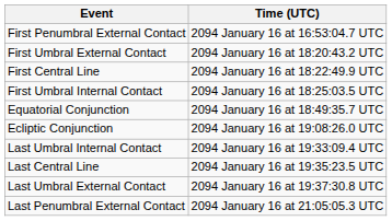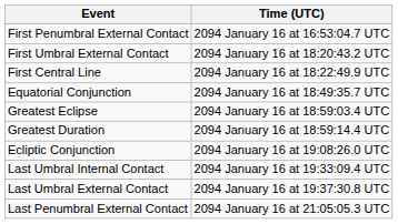 <table class="wikitable">
 <tr>
 <th>Event</th>
 <th>Time (UTC)</th>
 </tr>
 <tr>
 <td>First Penumbral External Contact</td>
 <td>2094 January 16 at 16:53:04.7 UTC</td>
 </tr>
 <tr>
 <td>First Umbral External Contact</td>
 <td>2094 January 16 at 18:20:43.2 UTC</td>
 </tr>
 <tr>
 <td>First Central Line</td>
 <td>2094 January 16 at 18:22:49.9 UTC</td>
 </tr>
 <tr>
-<td>First Umbral Internal Contact</td>
-<td>2094 January 16 at 18:25:03.5 UTC</td>
+<td>Equatorial Conjunction</td>
+<td>2094 January 16 at 18:49:35.7 UTC</td>
 </tr>
 <tr>
-<td>Equatorial Conjunction</td>
-<td>2094 January 16 at 18:49:35.7 UTC</td>
+<td>Greatest Eclipse</td>
+<td>2094 January 16 at 18:59:03.4 UTC</td>
+</tr>
+<tr>
+<td>Greatest Duration</td>
+<td>2094 January 16 at 18:59:14.4 UTC</td>
 </tr>
 <tr>
 <td>Ecliptic Conjunction</td>
 <td>2094 January 16 at 19:08:26.0 UTC</td>
 </tr>
 <tr>
 <td>Last Umbral Internal Contact</td>
 <td>2094 January 16 at 19:33:09.4 UTC</td>
 </tr>
 <tr>
-<td>Last Central Line</td>
-<td>2094 January 16 at 19:35:23.5 UTC</td>
-</tr>
-<tr>
 <td>Last Umbral External Contact</td>
 <td>2094 January 16 at 19:37:30.8 UTC</td>
 </tr>
 <tr>
 <td>Last Penumbral External Contact</td>
 <td>2094 January 16 at 21:05:05.3 UTC</td>
 </tr>
 </table>
